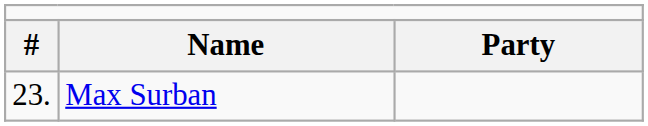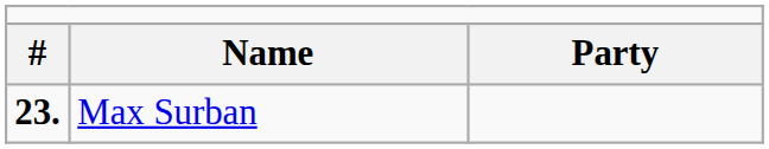 <table class=wikitable style="font-size:90%">
 <tr>
 <td colspan=4 bgcolor=></td>
 </tr>
 <tr>
 <th>#</th>
 <th width=150px>Name</th>
 <th colspan=2 width=110px>Party</th>
 </tr>
 <tr>
-<td>23.</td>
+<td><strong>23.</strong></td>
 <td><a href='#'>Max Surban</a></td>
 <td></td>
 </tr>
 </table>
